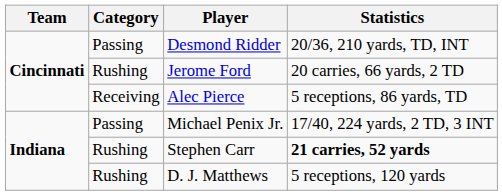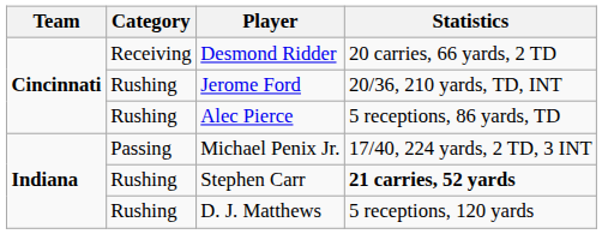 <table class="wikitable" style="float: right;">
 <tr>
 <th>Team</th>
 <th>Category</th>
 <th>Player</th>
 <th>Statistics</th>
 </tr>
 <tr>
 <td rowspan=3><strong>Cincinnati</strong></td>
-<td>Passing</td>
+<td>Receiving</td>
 <td><a href='#'>Desmond Ridder</a></td>
+<td>20 carries, 66 yards, 2 TD</td>
+</tr>
+<tr>
+<td>Rushing</td>
+<td><a href='#'>Jerome Ford</a></td>
 <td>20/36, 210 yards, TD, INT</td>
 </tr>
 <tr>
 <td>Rushing</td>
-<td><a href='#'>Jerome Ford</a></td>
-<td>20 carries, 66 yards, 2 TD</td>
-</tr>
-<tr>
-<td>Receiving</td>
 <td><a href='#'>Alec Pierce</a></td>
 <td>5 receptions, 86 yards, TD</td>
 </tr>
 <tr>
 <td rowspan=3><strong>Indiana</strong></td>
 <td>Passing</td>
 <td>Michael Penix Jr.</td>
 <td>17/40, 224 yards, 2 TD, 3 INT</td>
 </tr>
 <tr>
 <td>Rushing</td>
 <td>Stephen Carr</td>
 <td><strong>21 carries, 52 yards</strong></td>
 </tr>
 <tr>
 <td>Rushing</td>
 <td>D. J. Matthews</td>
 <td>5 receptions, 120 yards</td>
 </tr>
 </table>
